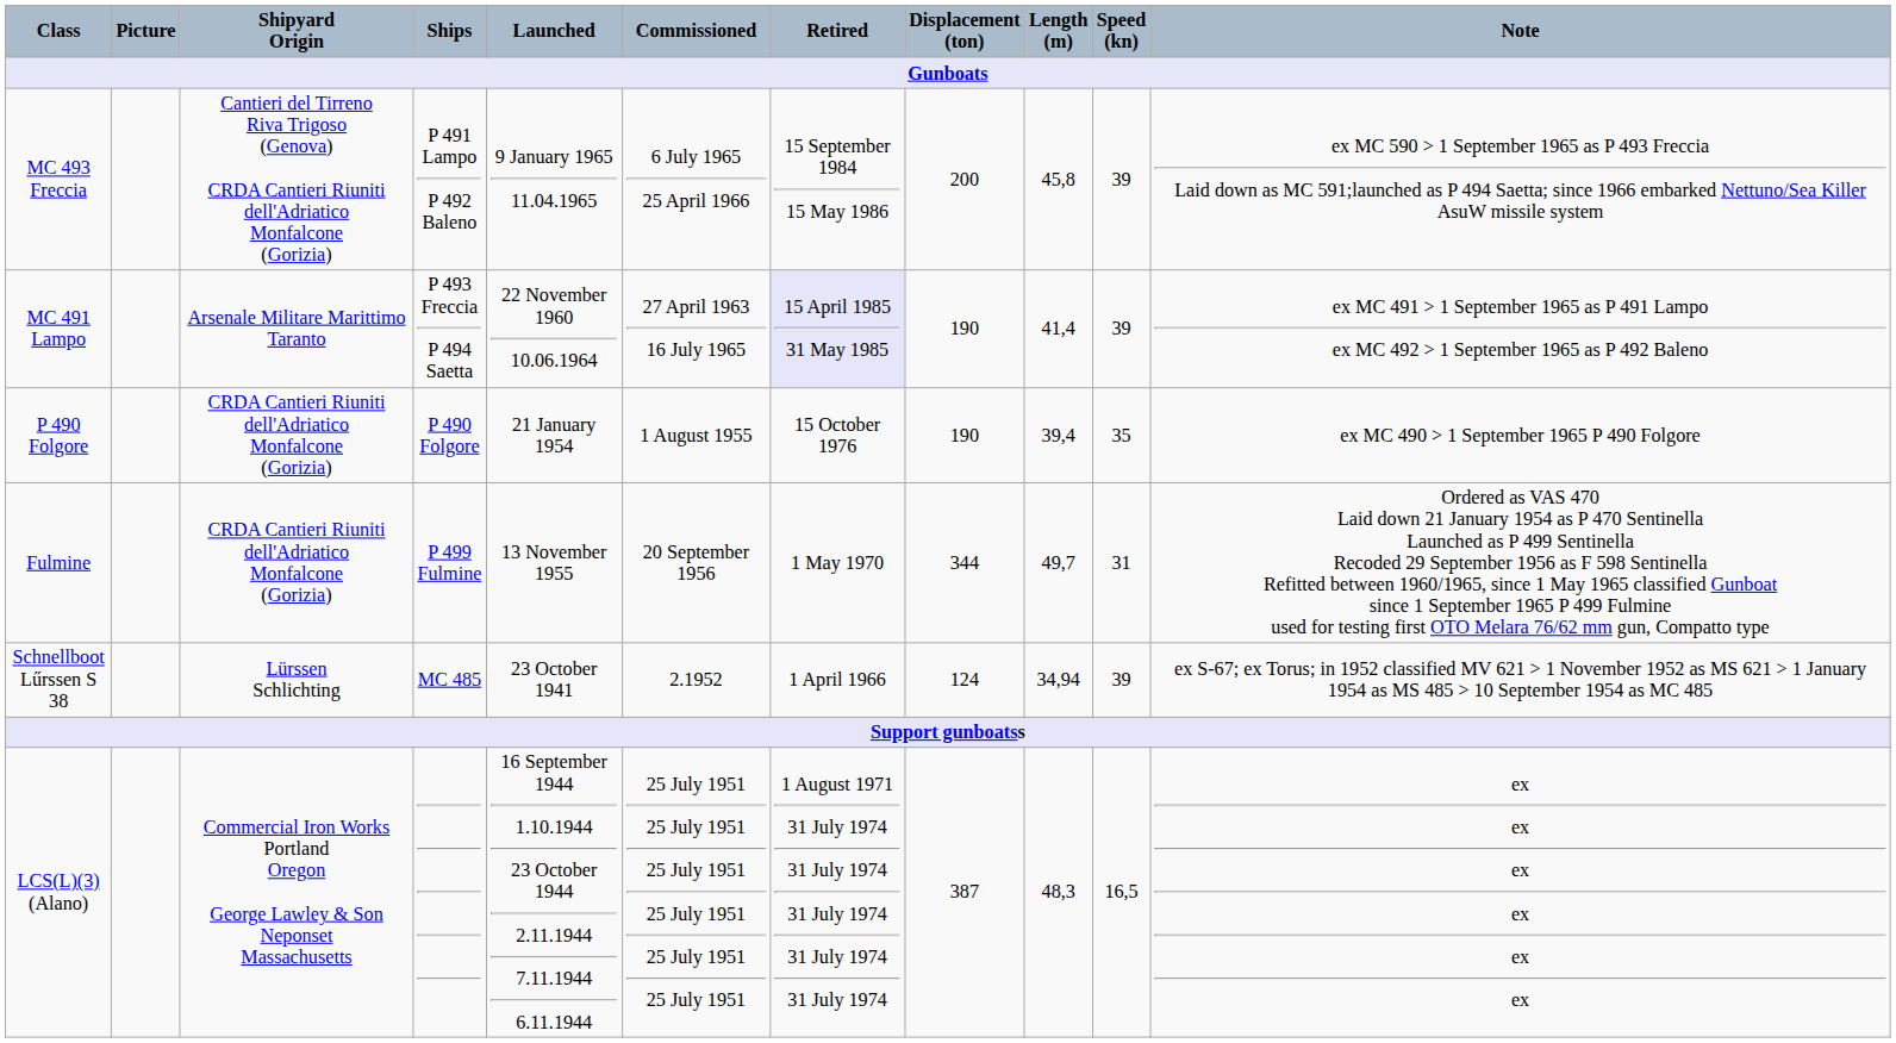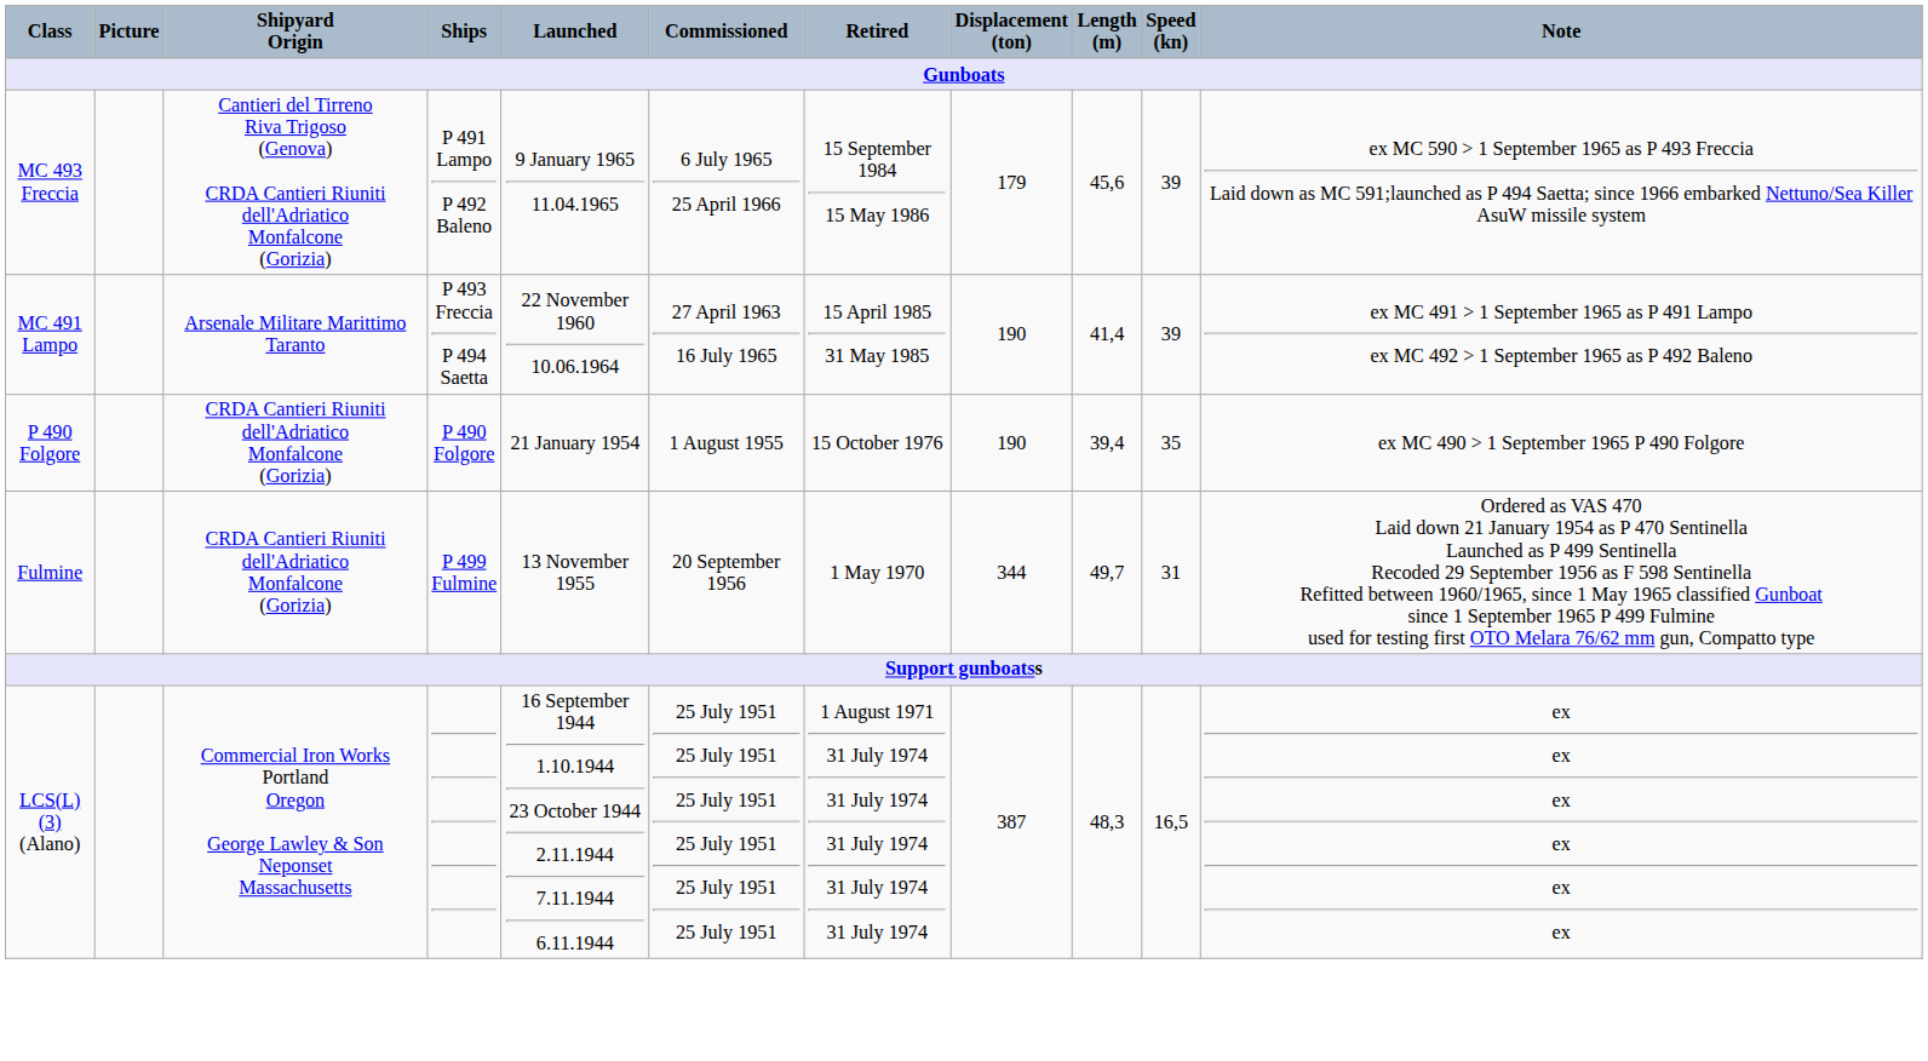 <table class="wikitable" style="text-align:center;">
 <tr>
 <th style="text-align: central; background: #aabccc;">Class</th>
 <th style="text-align: central; background: #aabccc;">Picture</th>
 <th style="text-align: central; background: #aabccc;">Shipyard<br>Origin</th>
 <th style="text-align: central; background: #aabccc;">Ships</th>
 <th style="text-align: central; background: #aabccc;">Launched</th>
 <th style="text-align: central; background: #aabccc;">Commissioned</th>
 <th style="text-align: central; background: #aabccc;">Retired</th>
 <th style="text-align: central; background: #aabccc;">Displacement<br>(ton)</th>
 <th style="text-align: central; background: #aabccc;">Length<br>(m)</th>
 <th style="text-align: central; background: #aabccc;">Speed<br>(kn)</th>
 <th style="text-align: central; background: #aabccc;">Note</th>
 </tr>
 <tr>
 <th style="align: center; background: lavender;" colspan="11"><strong><a href='#'>Gunboats</a></strong></th>
 </tr>
 <tr>
 <td><a href='#'>MC 493<br>Freccia</a><br></td>
 <td></td>
 <td><a href='#'>Cantieri del Tirreno</a><br><a href='#'>Riva Trigoso</a><br>(<a href='#'>Genova</a>)<br><br><a href='#'>CRDA Cantieri Riuniti dell'Adriatico</a><br><a href='#'>Monfalcone</a><br>(<a href='#'>Gorizia</a>)<br></td>
 <td>P 491<br>Lampo<br><hr>P 492<br>Baleno<br></td>
 <td>9 January 1965<hr>11.04.1965</td>
 <td>6 July 1965<hr>25 April 1966</td>
 <td>15 September 1984<hr>15 May 1986</td>
-<td>200</td>
-<td>45,8</td>
+<td>179</td>
+<td>45,6</td>
 <td>39</td>
 <td>ex MC 590 > 1 September 1965 as P 493 Freccia<hr>Laid down as MC 591;launched as P 494 Saetta; since 1966 embarked <a href='#'>Nettuno/Sea Killer</a> AsuW missile system</td>
 </tr>
 <tr>
 <td><a href='#'>MC 491<br>Lampo</a><br></td>
 <td></td>
 <td><a href='#'>Arsenale Militare Marittimo</a><br><a href='#'>Taranto</a><br></td>
 <td>P 493<br>Freccia<br><hr>P 494<br>Saetta<br> </td>
 <td>22 November 1960<hr>10.06.1964</td>
 <td>27 April 1963<hr>16 July 1965</td>
-<td style="background: lavender;">15 April 1985<hr>31 May 1985</td>
+<td>15 April 1985<hr>31 May 1985</td>
 <td>190</td>
 <td>41,4</td>
 <td>39</td>
 <td>ex MC 491 > 1 September 1965 as P 491 Lampo<hr>ex MC 492 > 1 September 1965 as P 492 Baleno</td>
 </tr>
 <tr>
 <td><a href='#'>P 490<br>Folgore</a><br></td>
 <td></td>
 <td><a href='#'>CRDA Cantieri Riuniti dell'Adriatico</a><br><a href='#'>Monfalcone</a><br>(<a href='#'>Gorizia</a>)<br></td>
 <td><a href='#'>P 490<br>Folgore</a><br></td>
 <td>21 January 1954</td>
 <td>1 August 1955</td>
 <td>15 October 1976</td>
 <td>190</td>
 <td>39,4</td>
 <td>35</td>
 <td>ex MC 490 > 1 September 1965 P 490 Folgore</td>
 </tr>
 <tr>
 <td><a href='#'>Fulmine</a></td>
 <td></td>
 <td><a href='#'>CRDA Cantieri Riuniti dell'Adriatico</a><br><a href='#'>Monfalcone</a><br>(<a href='#'>Gorizia</a>)<br></td>
 <td><a href='#'>P 499<br>Fulmine</a><br></td>
 <td>13 November 1955</td>
 <td>20 September 1956</td>
 <td>1 May 1970</td>
 <td>344</td>
 <td>49,7</td>
 <td>31</td>
 <td>Ordered as VAS 470<br>Laid down 21 January 1954 as P 470 Sentinella<br>Launched as P 499 Sentinella<br>Recoded 29 September 1956 as F 598 Sentinella<br>Refitted between 1960/1965, since 1 May 1965 classified <a href='#'>Gunboat</a><br>since 1 September 1965 P 499 Fulmine<br>used for testing first <a href='#'>OTO Melara 76/62 mm</a> gun, Compatto type</td>
 </tr>
 <tr>
-<td><a href='#'>Schnellboot</a><br>Lűrssen S 38</td>
-<td></td>
-<td><a href='#'>Lürssen</a><br>Schlichting<br></td>
-<td><a href='#'>MC 485</a><br></td>
-<td>23 October 1941</td>
-<td>2.1952</td>
-<td>1 April 1966</td>
-<td>124</td>
-<td>34,94</td>
-<td>39</td>
-<td>ex S-67; ex Torus; in 1952 classified MV 621 > 1 November 1952 as MS 621 > 1 January 1954 as MS 485 > 10 September 1954 as MC 485</td>
-</tr>
-<tr>
 <th style="align: center; background: lavender;" colspan="11"><strong><a href='#'>Support gunboats</a>s</strong></th>
 </tr>
 <tr>
 <td><a href='#'>LCS(L)(3)</a><br>(Alano)</td>
 <td></td>
 <td><a href='#'>Commercial Iron Works</a><br>Portland<br><a href='#'>Oregon</a><br><br><a href='#'>George Lawley & Son</a><br><a href='#'>Neponset</a><br><a href='#'>Massachusetts</a><br></td>
 <td><br><hr><br><hr> <br><hr> <br><hr> <br><hr> <br></td>
 <td>16 September 1944<hr>1.10.1944<hr>23 October 1944<hr>2.11.1944<hr>7.11.1944<hr>6.11.1944</td>
 <td>25 July 1951<hr>25 July 1951<hr>25 July 1951<hr>25 July 1951<hr>25 July 1951<hr>25 July 1951</td>
 <td>1 August 1971<hr>31 July 1974<hr>31 July 1974<hr>31 July 1974<hr>31 July 1974<hr>31 July 1974</td>
 <td>387</td>
 <td>48,3</td>
 <td>16,5</td>
 <td>ex <hr>ex  <hr>ex <hr>ex <hr>ex <hr>ex </td>
 </tr>
 </table>
